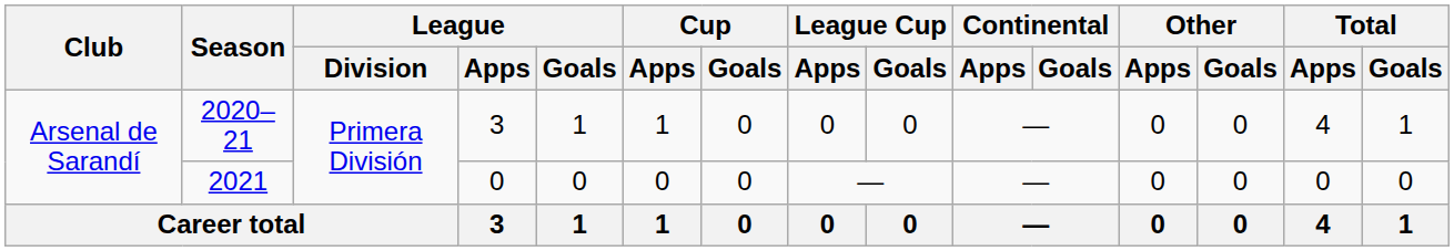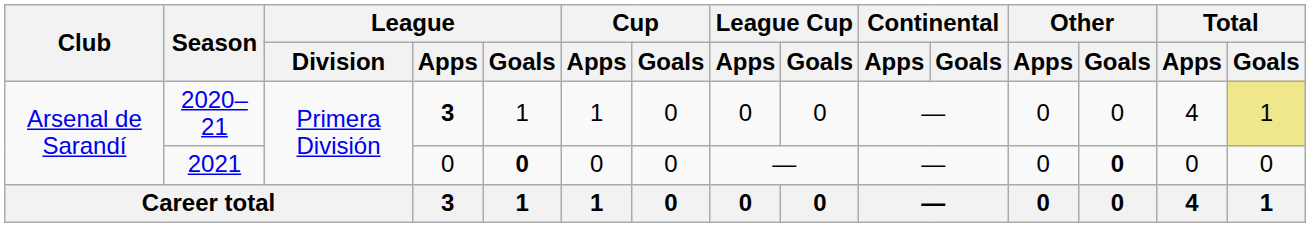 <table class="wikitable" style="text-align:center">
 <tr>
 <th rowspan="2">Club</th>
 <th rowspan="2">Season</th>
 <th colspan="3">League</th>
 <th colspan="2">Cup</th>
 <th colspan="2">League Cup</th>
 <th colspan="2">Continental</th>
 <th colspan="2">Other</th>
 <th colspan="2">Total</th>
 </tr>
 <tr>
 <th>Division</th>
 <th>Apps</th>
 <th>Goals</th>
 <th>Apps</th>
 <th>Goals</th>
 <th>Apps</th>
 <th>Goals</th>
 <th>Apps</th>
 <th>Goals</th>
 <th>Apps</th>
 <th>Goals</th>
 <th>Apps</th>
 <th>Goals</th>
 </tr>
 <tr>
 <td rowspan="2"><a href='#'>Arsenal de Sarandí</a></td>
 <td><a href='#'>2020–21</a></td>
 <td rowspan="2"><a href='#'>Primera División</a></td>
-<td>3</td>
+<td><strong>3</strong></td>
 <td>1</td>
 <td>1</td>
 <td>0</td>
 <td>0</td>
 <td>0</td>
 <td colspan="2">—</td>
 <td>0</td>
 <td>0</td>
 <td>4</td>
-<td>1</td>
+<td style="background: khaki;">1</td>
 </tr>
 <tr>
 <td><a href='#'>2021</a></td>
 <td>0</td>
-<td>0</td>
+<td><strong>0</strong></td>
 <td>0</td>
 <td>0</td>
 <td colspan="2">—</td>
 <td colspan="2">—</td>
 <td>0</td>
-<td>0</td>
+<td><strong>0</strong></td>
 <td>0</td>
 <td>0</td>
 </tr>
 <tr>
 <th colspan="3">Career total</th>
 <th>3</th>
 <th>1</th>
 <th>1</th>
 <th>0</th>
 <th>0</th>
 <th>0</th>
 <th colspan="2">—</th>
 <th>0</th>
 <th>0</th>
 <th>4</th>
 <th>1</th>
 </tr>
 </table>
